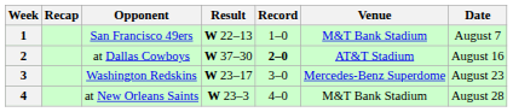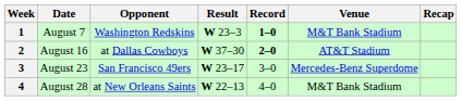 <table class="wikitable" style="text-align:center">
 <tr>
 <th>Week</th>
-<th>Recap</th>
+<th>Date</th>
 <th>Opponent</th>
 <th>Result</th>
 <th>Record</th>
 <th>Venue</th>
-<th>Date</th>
+<th>Recap</th>
 </tr>
 <tr style="background:#cfc">
 <th>1</th>
+<td>August 7</td>
+<td><a href='#'>Washington Redskins</a></td>
+<td><strong>W</strong> 23–3</td>
+<td><strong>1–0</strong></td>
+<td><a href='#'>M&T Bank Stadium</a></td>
 <td></td>
-<td><a href='#'>San Francisco 49ers</a></td>
-<td><strong>W</strong> 22–13</td>
-<td>1–0</td>
-<td><a href='#'>M&T Bank Stadium</a></td>
-<td>August 7</td>
 </tr>
 <tr style="background:#cfc">
 <th>2</th>
-<td></td>
+<td>August 16</td>
 <td>at <a href='#'>Dallas Cowboys</a></td>
 <td><strong>W</strong> 37–30</td>
 <td><strong>2–0</strong></td>
 <td><a href='#'>AT&T Stadium</a></td>
-<td>August 16</td>
+<td></td>
 </tr>
 <tr style="background:#cfc">
 <th>3</th>
-<td></td>
-<td><a href='#'>Washington Redskins</a></td>
+<td>August 23</td>
+<td><a href='#'>San Francisco 49ers</a></td>
 <td><strong>W</strong> 23–17</td>
 <td>3–0</td>
 <td><a href='#'>Mercedes-Benz Superdome</a></td>
-<td>August 23</td>
+<td></td>
 </tr>
 <tr style="background:#cfc">
 <th>4</th>
-<td></td>
+<td>August 28</td>
 <td>at <a href='#'>New Orleans Saints</a></td>
-<td><strong>W</strong> 23–3</td>
+<td><strong>W</strong> 22–13</td>
 <td>4–0</td>
 <td>M&T Bank Stadium</td>
-<td>August 28</td>
+<td></td>
 </tr>
 </table>
